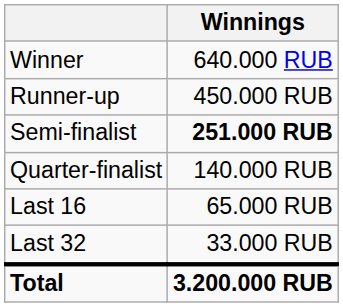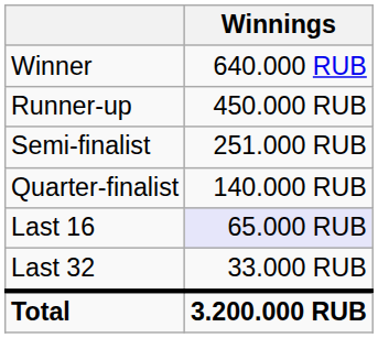 <table class="wikitable sortable">
 <tr>
 <th></th>
 <th>Winnings</th>
 </tr>
 <tr>
 <td>Winner</td>
 <td style="text-align:right">640.000 <a href='#'>RUB</a></td>
 </tr>
 <tr>
 <td>Runner-up</td>
 <td style="text-align:right">450.000 RUB</td>
 </tr>
 <tr>
 <td>Semi-finalist</td>
-<td style="text-align:right"><strong>251.000 RUB</strong></td>
+<td style="text-align:right">251.000 RUB</td>
 </tr>
 <tr>
 <td>Quarter-finalist</td>
 <td style="text-align:right">140.000 RUB</td>
 </tr>
 <tr>
 <td>Last 16</td>
-<td style="text-align:right">65.000 RUB</td>
+<td style="background: lavender; text-align:right">65.000 RUB</td>
 </tr>
 <tr>
 <td>Last 32</td>
 <td style="text-align:right">33.000 RUB</td>
 </tr>
 <tr style="border-top:medium solid">
 <td><strong>Total</strong></td>
 <td style="text-align:right"><strong>3.200.000 RUB</strong></td>
 </tr>
 </table>
